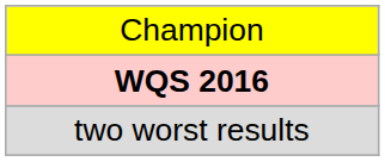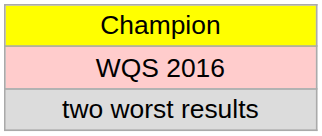 <table width=15% class="wikitable" style="text-align: center;">
 <tr>
 <td bgcolor=yellow>Champion</td>
 </tr>
 <tr>
-<td bgcolor=FFCCCC><strong>WQS 2016</strong></td>
+<td bgcolor=FFCCCC>WQS 2016</td>
 </tr>
 <tr>
 <td bgcolor=#dcdcdc>two worst results</td>
 </tr>
 </table>
